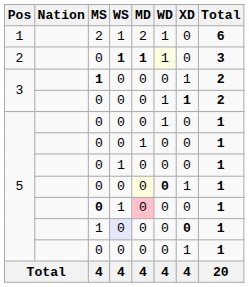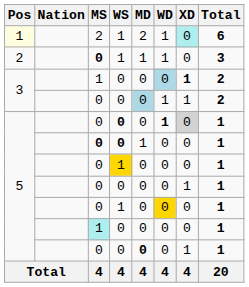 <table class="wikitable" style="text-align:center">
 <tr>
 <th>Pos</th>
 <th>Nation</th>
 <th>MS</th>
 <th>WS</th>
 <th>MD</th>
 <th>WD</th>
 <th>XD</th>
 <th>Total</th>
 </tr>
 <tr>
-<td>1</td>
+<td style="background: lightyellow;">1</td>
 <td align="left"></td>
 <td>2</td>
 <td>1</td>
 <td>2</td>
 <td>1</td>
-<td>0</td>
+<td style="background: paleturquoise;">0</td>
 <td><strong>6</strong></td>
 </tr>
 <tr>
 <td>2</td>
 <td align="left"></td>
-<td>0</td>
-<td><strong>1</strong></td>
-<td><strong>1</strong></td>
-<td style="background: lightyellow;">1</td>
+<td><strong>0</strong></td>
+<td>1</td>
+<td>1</td>
+<td>1</td>
 <td>0</td>
 <td><strong>3</strong></td>
 </tr>
 <tr>
 <td rowspan="2">3</td>
 <td align="left"><strong></strong></td>
-<td><strong>1</strong></td>
+<td>1</td>
 <td>0</td>
 <td>0</td>
-<td>0</td>
-<td>1</td>
+<td style="background: lightblue;">0</td>
+<td><strong>1</strong></td>
 <td><strong>2</strong></td>
 </tr>
 <tr>
 <td align="left"></td>
 <td>0</td>
 <td>0</td>
-<td>0</td>
+<td style="background: lightblue;">0</td>
 <td>1</td>
-<td><strong>1</strong></td>
+<td>1</td>
 <td><strong>2</strong></td>
 </tr>
 <tr>
 <td rowspan="7">5</td>
 <td align="left"></td>
 <td>0</td>
+<td><strong>0</strong></td>
 <td>0</td>
-<td>0</td>
-<td>1</td>
-<td>0</td>
+<td><strong>1</strong></td>
+<td style="background: lightgrey;">0</td>
 <td><strong>1</strong></td>
 </tr>
 <tr>
 <td align="left"></td>
-<td>0</td>
-<td>0</td>
+<td><strong>0</strong></td>
+<td><strong>0</strong></td>
 <td>1</td>
 <td>0</td>
 <td>0</td>
 <td><strong>1</strong></td>
 </tr>
 <tr>
 <td align="left"></td>
 <td>0</td>
-<td>1</td>
+<td style="background: gold;">1</td>
 <td>0</td>
 <td>0</td>
 <td>0</td>
 <td><strong>1</strong></td>
 </tr>
 <tr>
 <td align="left"></td>
 <td>0</td>
 <td>0</td>
-<td style="background: lightyellow;">0</td>
-<td><strong>0</strong></td>
+<td>0</td>
+<td>0</td>
 <td>1</td>
 <td><strong>1</strong></td>
 </tr>
 <tr>
 <td align="left"></td>
-<td><strong>0</strong></td>
+<td>0</td>
 <td>1</td>
-<td style="background: pink;">0</td>
+<td>0</td>
+<td style="background: gold;">0</td>
+<td>0</td>
+<td><strong>1</strong></td>
+</tr>
+<tr>
+<td align="left"></td>
+<td style="background: paleturquoise;">1</td>
+<td>0</td>
+<td>0</td>
 <td>0</td>
 <td>0</td>
 <td><strong>1</strong></td>
 </tr>
 <tr>
 <td align="left"></td>
-<td>1</td>
-<td style="background: lavender;">0</td>
 <td>0</td>
 <td>0</td>
 <td><strong>0</strong></td>
-<td><strong>1</strong></td>
-</tr>
-<tr>
-<td align="left"></td>
-<td>0</td>
-<td>0</td>
-<td>0</td>
 <td>0</td>
 <td>1</td>
 <td><strong>1</strong></td>
 </tr>
 <tr>
 <th colspan="2">Total</th>
 <th>4</th>
 <th>4</th>
 <th>4</th>
 <th>4</th>
 <th>4</th>
 <th>20</th>
 </tr>
 </table>
